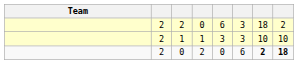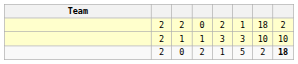 <table class="wikitable" style="text-align:center;">
 <tr>
 <th width=220>Team</th>
 <th width=25></th>
 <th width=25></th>
 <th width=25></th>
 <th width=25></th>
 <th width=25></th>
 <th width=25></th>
 <th width=25></th>
 </tr>
 <tr style="background:#ffffcc;">
 <td style="text-align:left;"></td>
 <td>2</td>
 <td>2</td>
 <td>0</td>
-<td>6</td>
-<td>3</td>
+<td>2</td>
+<td>1</td>
 <td>18</td>
 <td>2</td>
 </tr>
 <tr style="background:#ffffcc;">
 <td style="text-align:left;"></td>
 <td>2</td>
 <td>1</td>
 <td>1</td>
 <td>3</td>
 <td>3</td>
 <td>10</td>
 <td>10</td>
 </tr>
 <tr>
 <td style="text-align:left;"></td>
 <td>2</td>
 <td>0</td>
 <td>2</td>
-<td>0</td>
-<td>6</td>
-<td><strong>2</strong></td>
+<td>1</td>
+<td>5</td>
+<td>2</td>
 <td><strong>18</strong></td>
 </tr>
 </table>
